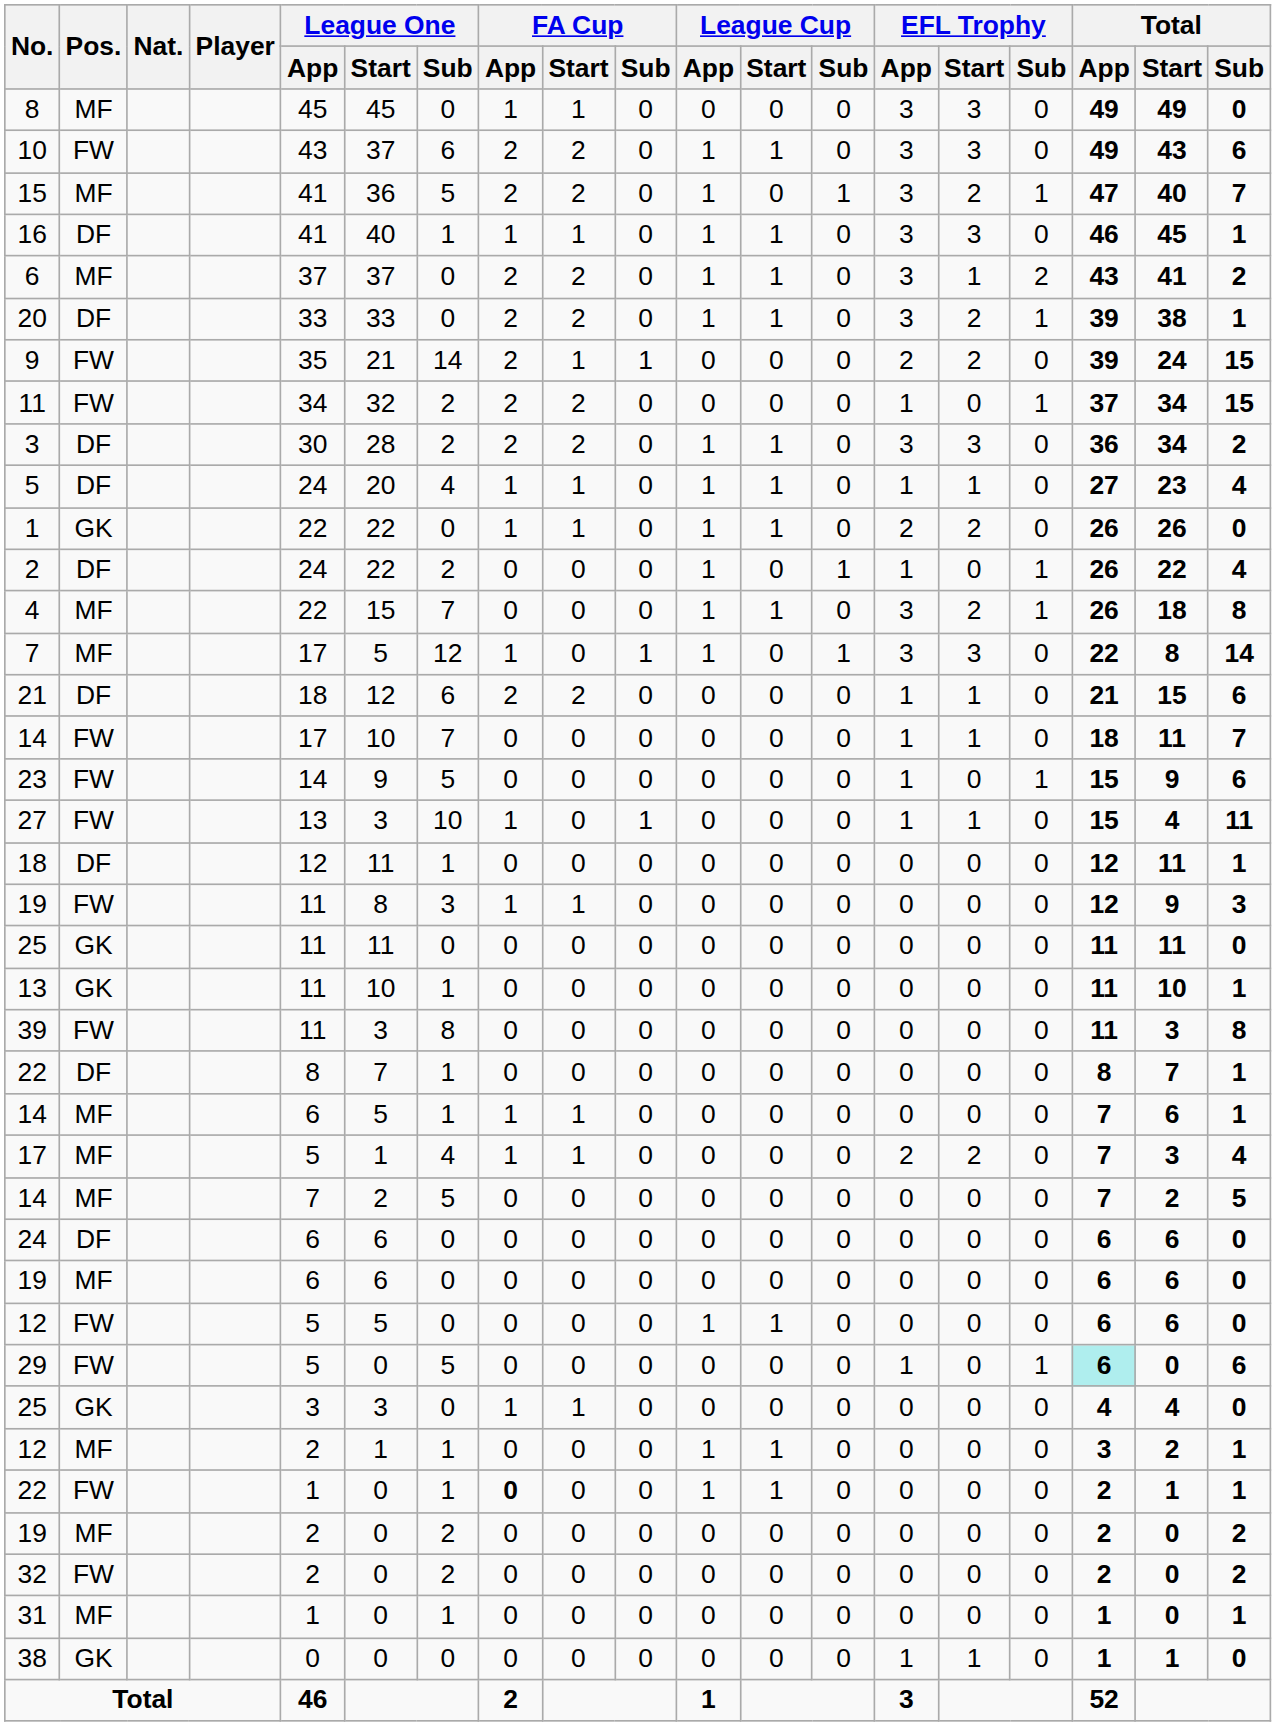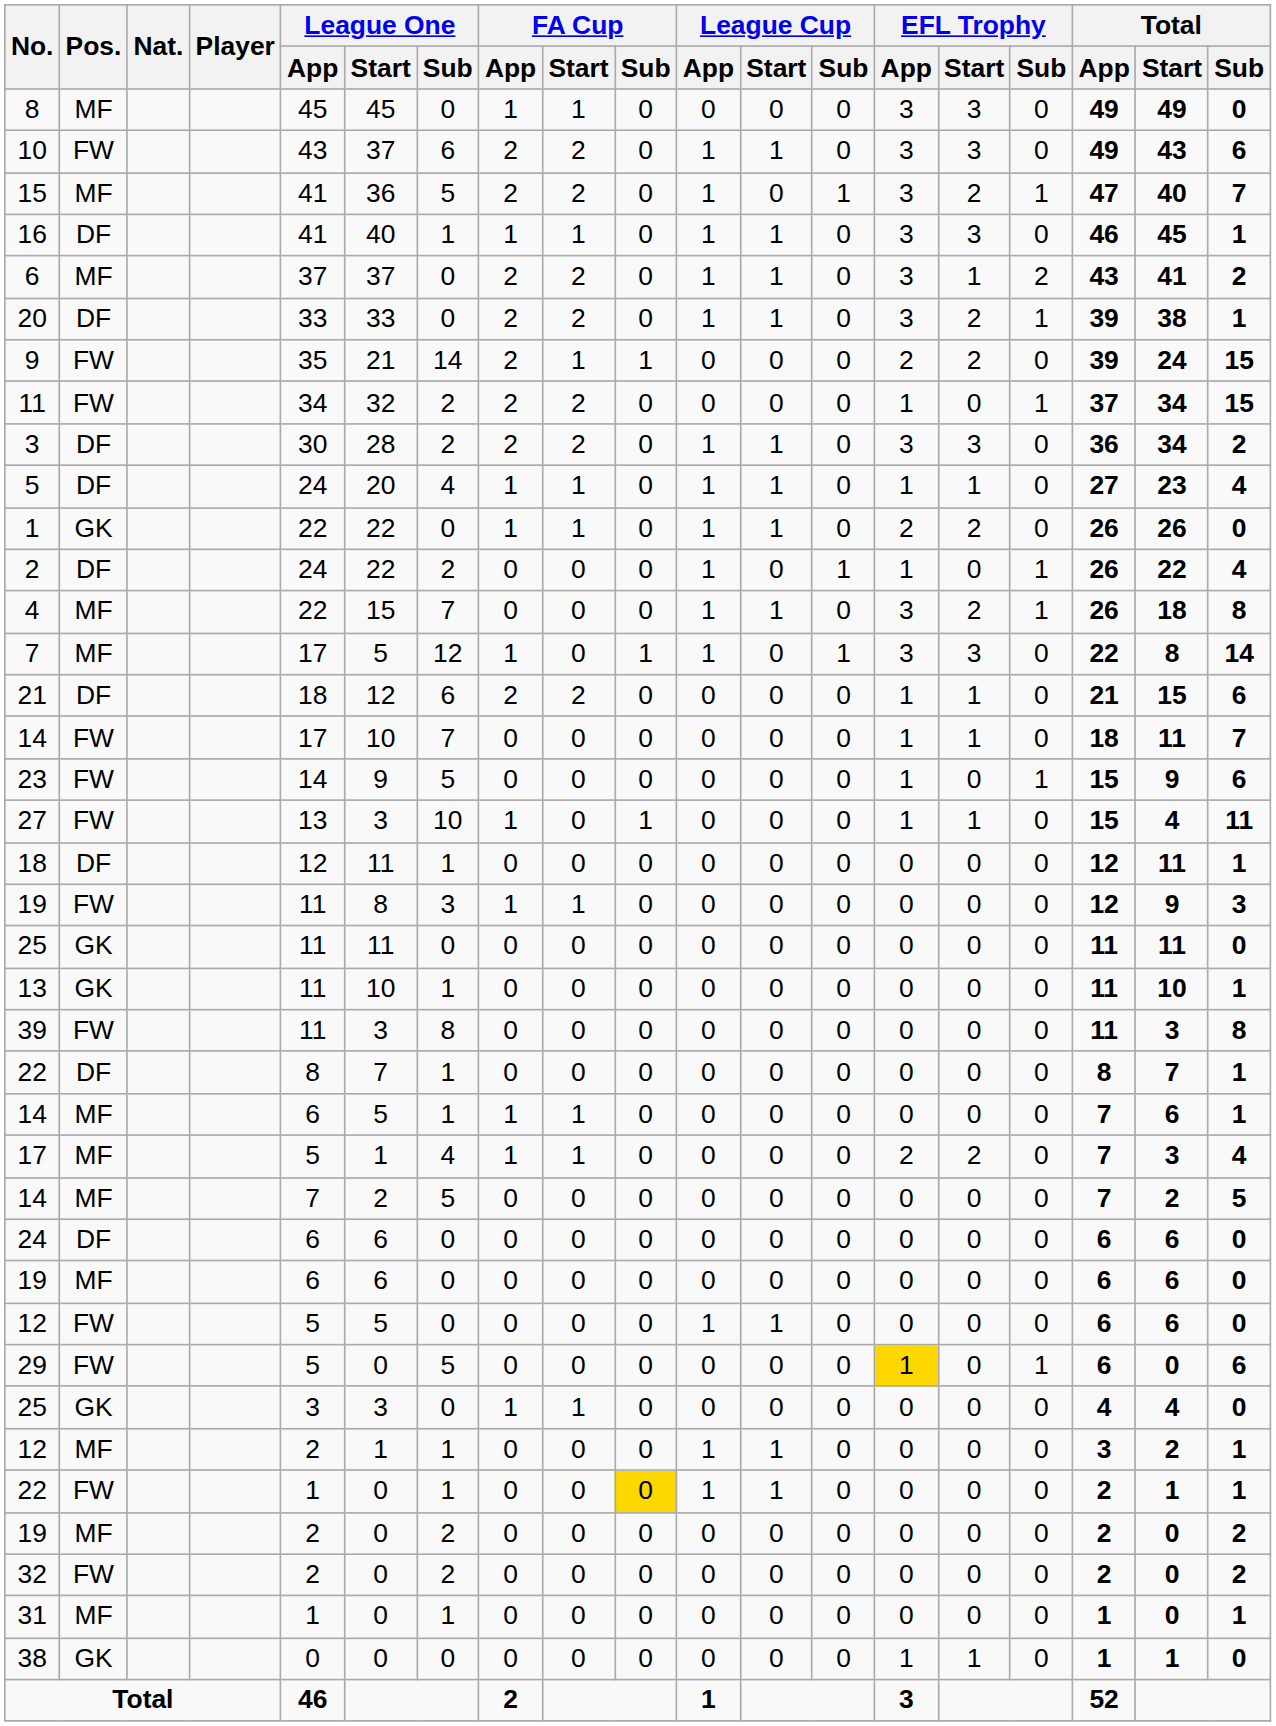 <table class="wikitable" style="text-align:center">
 <tr>
 <th rowspan="2">No.</th>
 <th rowspan="2">Pos.</th>
 <th rowspan="2">Nat.</th>
 <th rowspan="2">Player</th>
 <th colspan="3"><a href='#'>League One</a></th>
 <th colspan="3"><a href='#'>FA Cup</a></th>
 <th colspan="3"><a href='#'>League Cup</a></th>
 <th colspan="3"><a href='#'>EFL Trophy</a></th>
 <th colspan="3">Total</th>
 </tr>
 <tr>
 <th>App</th>
 <th>Start</th>
 <th>Sub</th>
 <th>App</th>
 <th>Start</th>
 <th>Sub</th>
 <th>App</th>
 <th>Start</th>
 <th>Sub</th>
 <th>App</th>
 <th>Start</th>
 <th>Sub</th>
 <th>App</th>
 <th>Start</th>
 <th>Sub</th>
 </tr>
 <tr>
 <td>8</td>
 <td>MF</td>
 <td></td>
 <td align=left></td>
 <td>45</td>
 <td>45</td>
 <td>0</td>
 <td>1</td>
 <td>1</td>
 <td>0</td>
 <td>0</td>
 <td>0</td>
 <td>0</td>
 <td>3</td>
 <td>3</td>
 <td>0</td>
 <td><strong>49</strong></td>
 <td><strong>49</strong></td>
 <td><strong>0</strong></td>
 </tr>
 <tr>
 <td>10</td>
 <td>FW</td>
 <td></td>
 <td align=left></td>
 <td>43</td>
 <td>37</td>
 <td>6</td>
 <td>2</td>
 <td>2</td>
 <td>0</td>
 <td>1</td>
 <td>1</td>
 <td>0</td>
 <td>3</td>
 <td>3</td>
 <td>0</td>
 <td><strong>49</strong></td>
 <td><strong>43</strong></td>
 <td><strong>6</strong></td>
 </tr>
 <tr>
 <td>15</td>
 <td>MF</td>
 <td></td>
 <td align=left></td>
 <td>41</td>
 <td>36</td>
 <td>5</td>
 <td>2</td>
 <td>2</td>
 <td>0</td>
 <td>1</td>
 <td>0</td>
 <td>1</td>
 <td>3</td>
 <td>2</td>
 <td>1</td>
 <td><strong>47</strong></td>
 <td><strong>40</strong></td>
 <td><strong>7</strong></td>
 </tr>
 <tr>
 <td>16</td>
 <td>DF</td>
 <td></td>
 <td align=left></td>
 <td>41</td>
 <td>40</td>
 <td>1</td>
 <td>1</td>
 <td>1</td>
 <td>0</td>
 <td>1</td>
 <td>1</td>
 <td>0</td>
 <td>3</td>
 <td>3</td>
 <td>0</td>
 <td><strong>46</strong></td>
 <td><strong>45</strong></td>
 <td><strong>1</strong></td>
 </tr>
 <tr>
 <td>6</td>
 <td>MF</td>
 <td></td>
 <td align=left></td>
 <td>37</td>
 <td>37</td>
 <td>0</td>
 <td>2</td>
 <td>2</td>
 <td>0</td>
 <td>1</td>
 <td>1</td>
 <td>0</td>
 <td>3</td>
 <td>1</td>
 <td>2</td>
 <td><strong>43</strong></td>
 <td><strong>41</strong></td>
 <td><strong>2</strong></td>
 </tr>
 <tr>
 <td>20</td>
 <td>DF</td>
 <td></td>
 <td align=left></td>
 <td>33</td>
 <td>33</td>
 <td>0</td>
 <td>2</td>
 <td>2</td>
 <td>0</td>
 <td>1</td>
 <td>1</td>
 <td>0</td>
 <td>3</td>
 <td>2</td>
 <td>1</td>
 <td><strong>39</strong></td>
 <td><strong>38</strong></td>
 <td><strong>1</strong></td>
 </tr>
 <tr>
 <td>9</td>
 <td>FW</td>
 <td></td>
 <td align=left></td>
 <td>35</td>
 <td>21</td>
 <td>14</td>
 <td>2</td>
 <td>1</td>
 <td>1</td>
 <td>0</td>
 <td>0</td>
 <td>0</td>
 <td>2</td>
 <td>2</td>
 <td>0</td>
 <td><strong>39</strong></td>
 <td><strong>24</strong></td>
 <td><strong>15</strong></td>
 </tr>
 <tr>
 <td>11</td>
 <td>FW</td>
 <td></td>
 <td align=left></td>
 <td>34</td>
 <td>32</td>
 <td>2</td>
 <td>2</td>
 <td>2</td>
 <td>0</td>
 <td>0</td>
 <td>0</td>
 <td>0</td>
 <td>1</td>
 <td>0</td>
 <td>1</td>
 <td><strong>37</strong></td>
 <td><strong>34</strong></td>
 <td><strong>15</strong></td>
 </tr>
 <tr>
 <td>3</td>
 <td>DF</td>
 <td></td>
 <td align=left></td>
 <td>30</td>
 <td>28</td>
 <td>2</td>
 <td>2</td>
 <td>2</td>
 <td>0</td>
 <td>1</td>
 <td>1</td>
 <td>0</td>
 <td>3</td>
 <td>3</td>
 <td>0</td>
 <td><strong>36</strong></td>
 <td><strong>34</strong></td>
 <td><strong>2</strong></td>
 </tr>
 <tr>
 <td>5</td>
 <td>DF</td>
 <td></td>
 <td align=left></td>
 <td>24</td>
 <td>20</td>
 <td>4</td>
 <td>1</td>
 <td>1</td>
 <td>0</td>
 <td>1</td>
 <td>1</td>
 <td>0</td>
 <td>1</td>
 <td>1</td>
 <td>0</td>
 <td><strong>27</strong></td>
 <td><strong>23</strong></td>
 <td><strong>4</strong></td>
 </tr>
 <tr>
 <td>1</td>
 <td>GK</td>
 <td></td>
 <td align=left></td>
 <td>22</td>
 <td>22</td>
 <td>0</td>
 <td>1</td>
 <td>1</td>
 <td>0</td>
 <td>1</td>
 <td>1</td>
 <td>0</td>
 <td>2</td>
 <td>2</td>
 <td>0</td>
 <td><strong>26</strong></td>
 <td><strong>26</strong></td>
 <td><strong>0</strong></td>
 </tr>
 <tr>
 <td>2</td>
 <td>DF</td>
 <td></td>
 <td align=left></td>
 <td>24</td>
 <td>22</td>
 <td>2</td>
 <td>0</td>
 <td>0</td>
 <td>0</td>
 <td>1</td>
 <td>0</td>
 <td>1</td>
 <td>1</td>
 <td>0</td>
 <td>1</td>
 <td><strong>26</strong></td>
 <td><strong>22</strong></td>
 <td><strong>4</strong></td>
 </tr>
 <tr>
 <td>4</td>
 <td>MF</td>
 <td></td>
 <td align=left></td>
 <td>22</td>
 <td>15</td>
 <td>7</td>
 <td>0</td>
 <td>0</td>
 <td>0</td>
 <td>1</td>
 <td>1</td>
 <td>0</td>
 <td>3</td>
 <td>2</td>
 <td>1</td>
 <td><strong>26</strong></td>
 <td><strong>18</strong></td>
 <td><strong>8</strong></td>
 </tr>
 <tr>
 <td>7</td>
 <td>MF</td>
 <td></td>
 <td align=left></td>
 <td>17</td>
 <td>5</td>
 <td>12</td>
 <td>1</td>
 <td>0</td>
 <td>1</td>
 <td>1</td>
 <td>0</td>
 <td>1</td>
 <td>3</td>
 <td>3</td>
 <td>0</td>
 <td><strong>22</strong></td>
 <td><strong>8</strong></td>
 <td><strong>14</strong></td>
 </tr>
 <tr>
 <td>21</td>
 <td>DF</td>
 <td></td>
 <td align=left></td>
 <td>18</td>
 <td>12</td>
 <td>6</td>
 <td>2</td>
 <td>2</td>
 <td>0</td>
 <td>0</td>
 <td>0</td>
 <td>0</td>
 <td>1</td>
 <td>1</td>
 <td>0</td>
 <td><strong>21</strong></td>
 <td><strong>15</strong></td>
 <td><strong>6</strong></td>
 </tr>
 <tr>
 <td>14</td>
 <td>FW</td>
 <td></td>
 <td align=left></td>
 <td>17</td>
 <td>10</td>
 <td>7</td>
 <td>0</td>
 <td>0</td>
 <td>0</td>
 <td>0</td>
 <td>0</td>
 <td>0</td>
 <td>1</td>
 <td>1</td>
 <td>0</td>
 <td><strong>18</strong></td>
 <td><strong>11</strong></td>
 <td><strong>7</strong></td>
 </tr>
 <tr>
 <td>23</td>
 <td>FW</td>
 <td></td>
 <td align=left></td>
 <td>14</td>
 <td>9</td>
 <td>5</td>
 <td>0</td>
 <td>0</td>
 <td>0</td>
 <td>0</td>
 <td>0</td>
 <td>0</td>
 <td>1</td>
 <td>0</td>
 <td>1</td>
 <td><strong>15</strong></td>
 <td><strong>9</strong></td>
 <td><strong>6</strong></td>
 </tr>
 <tr>
 <td>27</td>
 <td>FW</td>
 <td></td>
 <td align=left></td>
 <td>13</td>
 <td>3</td>
 <td>10</td>
 <td>1</td>
 <td>0</td>
 <td>1</td>
 <td>0</td>
 <td>0</td>
 <td>0</td>
 <td>1</td>
 <td>1</td>
 <td>0</td>
 <td><strong>15</strong></td>
 <td><strong>4</strong></td>
 <td><strong>11</strong></td>
 </tr>
 <tr>
 <td>18</td>
 <td>DF</td>
 <td></td>
 <td align=left></td>
 <td>12</td>
 <td>11</td>
 <td>1</td>
 <td>0</td>
 <td>0</td>
 <td>0</td>
 <td>0</td>
 <td>0</td>
 <td>0</td>
 <td>0</td>
 <td>0</td>
 <td>0</td>
 <td><strong>12</strong></td>
 <td><strong>11</strong></td>
 <td><strong>1</strong></td>
 </tr>
 <tr>
 <td>19</td>
 <td>FW</td>
 <td></td>
 <td align=left></td>
 <td>11</td>
 <td>8</td>
 <td>3</td>
 <td>1</td>
 <td>1</td>
 <td>0</td>
 <td>0</td>
 <td>0</td>
 <td>0</td>
 <td>0</td>
 <td>0</td>
 <td>0</td>
 <td><strong>12</strong></td>
 <td><strong>9</strong></td>
 <td><strong>3</strong></td>
 </tr>
 <tr>
 <td>25</td>
 <td>GK</td>
 <td></td>
 <td align=left></td>
 <td>11</td>
 <td>11</td>
 <td>0</td>
 <td>0</td>
 <td>0</td>
 <td>0</td>
 <td>0</td>
 <td>0</td>
 <td>0</td>
 <td>0</td>
 <td>0</td>
 <td>0</td>
 <td><strong>11</strong></td>
 <td><strong>11</strong></td>
 <td><strong>0</strong></td>
 </tr>
 <tr>
 <td>13</td>
 <td>GK</td>
 <td></td>
 <td align=left></td>
 <td>11</td>
 <td>10</td>
 <td>1</td>
 <td>0</td>
 <td>0</td>
 <td>0</td>
 <td>0</td>
 <td>0</td>
 <td>0</td>
 <td>0</td>
 <td>0</td>
 <td>0</td>
 <td><strong>11</strong></td>
 <td><strong>10</strong></td>
 <td><strong>1</strong></td>
 </tr>
 <tr>
 <td>39</td>
 <td>FW</td>
 <td></td>
 <td align=left></td>
 <td>11</td>
 <td>3</td>
 <td>8</td>
 <td>0</td>
 <td>0</td>
 <td>0</td>
 <td>0</td>
 <td>0</td>
 <td>0</td>
 <td>0</td>
 <td>0</td>
 <td>0</td>
 <td><strong>11</strong></td>
 <td><strong>3</strong></td>
 <td><strong>8</strong></td>
 </tr>
 <tr>
 <td>22</td>
 <td>DF</td>
 <td></td>
 <td align=left></td>
 <td>8</td>
 <td>7</td>
 <td>1</td>
 <td>0</td>
 <td>0</td>
 <td>0</td>
 <td>0</td>
 <td>0</td>
 <td>0</td>
 <td>0</td>
 <td>0</td>
 <td>0</td>
 <td><strong>8</strong></td>
 <td><strong>7</strong></td>
 <td><strong>1</strong></td>
 </tr>
 <tr>
 <td>14</td>
 <td>MF</td>
 <td></td>
 <td align=left></td>
 <td>6</td>
 <td>5</td>
 <td>1</td>
 <td>1</td>
 <td>1</td>
 <td>0</td>
 <td>0</td>
 <td>0</td>
 <td>0</td>
 <td>0</td>
 <td>0</td>
 <td>0</td>
 <td><strong>7</strong></td>
 <td><strong>6</strong></td>
 <td><strong>1</strong></td>
 </tr>
 <tr>
 <td>17</td>
 <td>MF</td>
 <td></td>
 <td align=left></td>
 <td>5</td>
 <td>1</td>
 <td>4</td>
 <td>1</td>
 <td>1</td>
 <td>0</td>
 <td>0</td>
 <td>0</td>
 <td>0</td>
 <td>2</td>
 <td>2</td>
 <td>0</td>
 <td><strong>7</strong></td>
 <td><strong>3</strong></td>
 <td><strong>4</strong></td>
 </tr>
 <tr>
 <td>14</td>
 <td>MF</td>
 <td></td>
 <td align=left></td>
 <td>7</td>
 <td>2</td>
 <td>5</td>
 <td>0</td>
 <td>0</td>
 <td>0</td>
 <td>0</td>
 <td>0</td>
 <td>0</td>
 <td>0</td>
 <td>0</td>
 <td>0</td>
 <td><strong>7</strong></td>
 <td><strong>2</strong></td>
 <td><strong>5</strong></td>
 </tr>
 <tr>
 <td>24</td>
 <td>DF</td>
 <td></td>
 <td align=left></td>
 <td>6</td>
 <td>6</td>
 <td>0</td>
 <td>0</td>
 <td>0</td>
 <td>0</td>
 <td>0</td>
 <td>0</td>
 <td>0</td>
 <td>0</td>
 <td>0</td>
 <td>0</td>
 <td><strong>6</strong></td>
 <td><strong>6</strong></td>
 <td><strong>0</strong></td>
 </tr>
 <tr>
 <td>19</td>
 <td>MF</td>
 <td></td>
 <td align=left></td>
 <td>6</td>
 <td>6</td>
 <td>0</td>
 <td>0</td>
 <td>0</td>
 <td>0</td>
 <td>0</td>
 <td>0</td>
 <td>0</td>
 <td>0</td>
 <td>0</td>
 <td>0</td>
 <td><strong>6</strong></td>
 <td><strong>6</strong></td>
 <td><strong>0</strong></td>
 </tr>
 <tr>
 <td>12</td>
 <td>FW</td>
 <td></td>
 <td align=left></td>
 <td>5</td>
 <td>5</td>
 <td>0</td>
 <td>0</td>
 <td>0</td>
 <td>0</td>
 <td>1</td>
 <td>1</td>
 <td>0</td>
 <td>0</td>
 <td>0</td>
 <td>0</td>
 <td><strong>6</strong></td>
 <td><strong>6</strong></td>
 <td><strong>0</strong></td>
 </tr>
 <tr>
 <td>29</td>
 <td>FW</td>
 <td></td>
 <td align=left></td>
 <td>5</td>
 <td>0</td>
 <td>5</td>
 <td>0</td>
 <td>0</td>
 <td>0</td>
 <td>0</td>
 <td>0</td>
 <td>0</td>
-<td>1</td>
+<td style="background: gold;">1</td>
 <td>0</td>
 <td>1</td>
-<td style="background: paleturquoise;"><strong>6</strong></td>
+<td><strong>6</strong></td>
 <td><strong>0</strong></td>
 <td><strong>6</strong></td>
 </tr>
 <tr>
 <td>25</td>
 <td>GK</td>
 <td></td>
 <td align=left></td>
 <td>3</td>
 <td>3</td>
 <td>0</td>
 <td>1</td>
 <td>1</td>
 <td>0</td>
 <td>0</td>
 <td>0</td>
 <td>0</td>
 <td>0</td>
 <td>0</td>
 <td>0</td>
 <td><strong>4</strong></td>
 <td><strong>4</strong></td>
 <td><strong>0</strong></td>
 </tr>
 <tr>
 <td>12</td>
 <td>MF</td>
 <td></td>
 <td align=left></td>
 <td>2</td>
 <td>1</td>
 <td>1</td>
 <td>0</td>
 <td>0</td>
 <td>0</td>
 <td>1</td>
 <td>1</td>
 <td>0</td>
 <td>0</td>
 <td>0</td>
 <td>0</td>
 <td><strong>3</strong></td>
 <td><strong>2</strong></td>
 <td><strong>1</strong></td>
 </tr>
 <tr>
 <td>22</td>
 <td>FW</td>
 <td></td>
 <td align=left></td>
 <td>1</td>
 <td>0</td>
 <td>1</td>
-<td><strong>0</strong></td>
 <td>0</td>
 <td>0</td>
+<td style="background: gold;">0</td>
 <td>1</td>
 <td>1</td>
 <td>0</td>
 <td>0</td>
 <td>0</td>
 <td>0</td>
 <td><strong>2</strong></td>
 <td><strong>1</strong></td>
 <td><strong>1</strong></td>
 </tr>
 <tr>
 <td>19</td>
 <td>MF</td>
 <td></td>
 <td align=left></td>
 <td>2</td>
 <td>0</td>
 <td>2</td>
 <td>0</td>
 <td>0</td>
 <td>0</td>
 <td>0</td>
 <td>0</td>
 <td>0</td>
 <td>0</td>
 <td>0</td>
 <td>0</td>
 <td><strong>2</strong></td>
 <td><strong>0</strong></td>
 <td><strong>2</strong></td>
 </tr>
 <tr>
 <td>32</td>
 <td>FW</td>
 <td></td>
 <td align=left></td>
 <td>2</td>
 <td>0</td>
 <td>2</td>
 <td>0</td>
 <td>0</td>
 <td>0</td>
 <td>0</td>
 <td>0</td>
 <td>0</td>
 <td>0</td>
 <td>0</td>
 <td>0</td>
 <td><strong>2</strong></td>
 <td><strong>0</strong></td>
 <td><strong>2</strong></td>
 </tr>
 <tr>
 <td>31</td>
 <td>MF</td>
 <td></td>
 <td align=left></td>
 <td>1</td>
 <td>0</td>
 <td>1</td>
 <td>0</td>
 <td>0</td>
 <td>0</td>
 <td>0</td>
 <td>0</td>
 <td>0</td>
 <td>0</td>
 <td>0</td>
 <td>0</td>
 <td><strong>1</strong></td>
 <td><strong>0</strong></td>
 <td><strong>1</strong></td>
 </tr>
 <tr>
 <td>38</td>
 <td>GK</td>
 <td></td>
 <td align=left></td>
 <td>0</td>
 <td>0</td>
 <td>0</td>
 <td>0</td>
 <td>0</td>
 <td>0</td>
 <td>0</td>
 <td>0</td>
 <td>0</td>
 <td>1</td>
 <td>1</td>
 <td>0</td>
 <td><strong>1</strong></td>
 <td><strong>1</strong></td>
 <td><strong>0</strong></td>
 </tr>
 <tr class="sortbottom">
 <td colspan=4><strong>Total</strong></td>
 <td colspan=1><strong>46</strong></td>
 <td colspan=2></td>
 <td colspan=1><strong>2</strong></td>
 <td colspan=2></td>
 <td colspan=1><strong>1</strong></td>
 <td colspan=2></td>
 <td colspan=1><strong>3</strong></td>
 <td colspan=2></td>
 <td colspan=1><strong>52</strong></td>
 <td colspan=2></td>
 </tr>
 </table>
